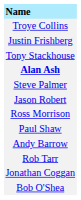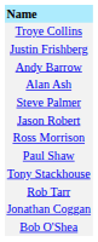 <table border=0 cellpadding=2 cellspacing=0  |- bgcolor=#F2F2F2 style="text-align:center; font-size:90%;">
 <tr bgcolor=#ADEBFD>
 <th align=left>Name</th>
 </tr>
 <tr>
 <td><a href='#'>Troye Collins</a></td>
 </tr>
 <tr>
 <td><a href='#'>Justin Frishberg</a></td>
 </tr>
 <tr>
-<td><a href='#'>Tony Stackhouse</a></td>
+<td><a href='#'>Andy Barrow</a></td>
 </tr>
 <tr>
-<td><strong><a href='#'>Alan Ash</a></strong></td>
+<td><a href='#'>Alan Ash</a></td>
 </tr>
 <tr>
 <td><a href='#'>Steve Palmer</a></td>
 </tr>
 <tr>
 <td><a href='#'>Jason Robert</a></td>
 </tr>
 <tr>
 <td><a href='#'>Ross Morrison</a></td>
 </tr>
 <tr>
 <td><a href='#'>Paul Shaw</a></td>
 </tr>
 <tr>
-<td><a href='#'>Andy Barrow</a></td>
+<td><a href='#'>Tony Stackhouse</a></td>
 </tr>
 <tr>
 <td><a href='#'>Rob Tarr</a></td>
 </tr>
 <tr>
 <td><a href='#'>Jonathan Coggan</a></td>
 </tr>
 <tr>
 <td><a href='#'>Bob O'Shea</a></td>
 </tr>
 </table>
